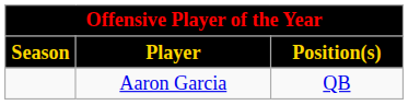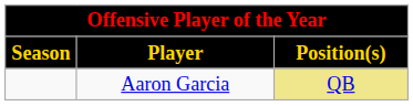 <table class="wikitable sortable" style="text-align:center">
 <tr>
 <td colspan="4" style="background:black; color:red;"><strong>Offensive Player of the Year</strong></td>
 </tr>
 <tr>
 <th style="width:50px; background:black; color:gold;">Season</th>
 <th style="width:150px; background:black; color:gold;">Player</th>
 <th style="width:100px; background:black; color:gold;">Position(s)</th>
 </tr>
 <tr>
 <td></td>
 <td><a href='#'>Aaron Garcia</a></td>
-<td><a href='#'>QB</a></td>
+<td style="background: khaki;"><a href='#'>QB</a></td>
 </tr>
 </table>
